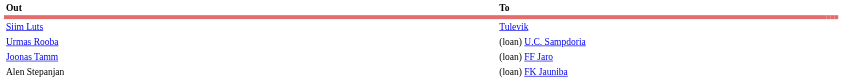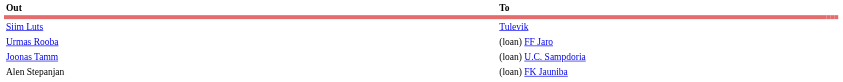 <table cellspacing="0" cellpadding="3" style="width:100%;font-size:90%">
 <tr>
 <td style="width:60%"><strong>Out</strong></td>
 <td style="width:40%"><strong>To</strong></td>
 <td></td>
 </tr>
 <tr style="background-color:#E46C6D;">
 <td></td>
 <td></td>
 <td></td>
 <td></td>
 <td></td>
 </tr>
 <tr>
 <td> <a href='#'>Siim Luts</a></td>
 <td><a href='#'>Tulevik</a></td>
 </tr>
 <tr>
 <td> <a href='#'>Urmas Rooba</a></td>
-<td>(loan)  <a href='#'>U.C. Sampdoria</a></td>
+<td>(loan)  <a href='#'>FF Jaro</a></td>
 </tr>
 <tr>
 <td> <a href='#'>Joonas Tamm</a></td>
-<td>(loan)  <a href='#'>FF Jaro</a></td>
+<td>(loan)  <a href='#'>U.C. Sampdoria</a></td>
 </tr>
 <tr>
 <td> Alen Stepanjan</td>
 <td>(loan)  <a href='#'>FK Jauniba</a></td>
 </tr>
 </table>
